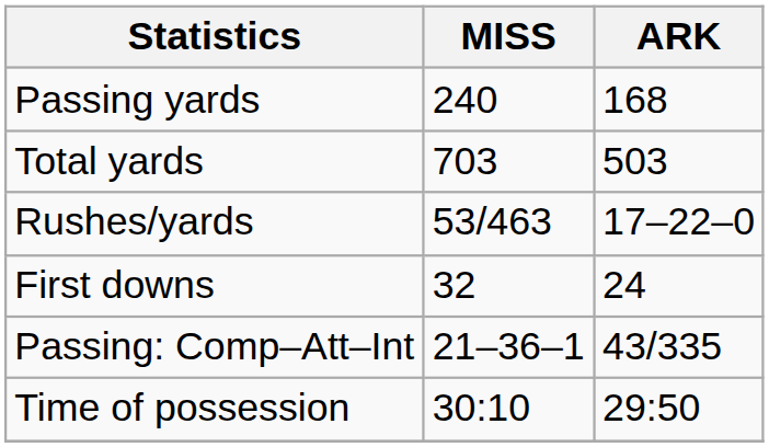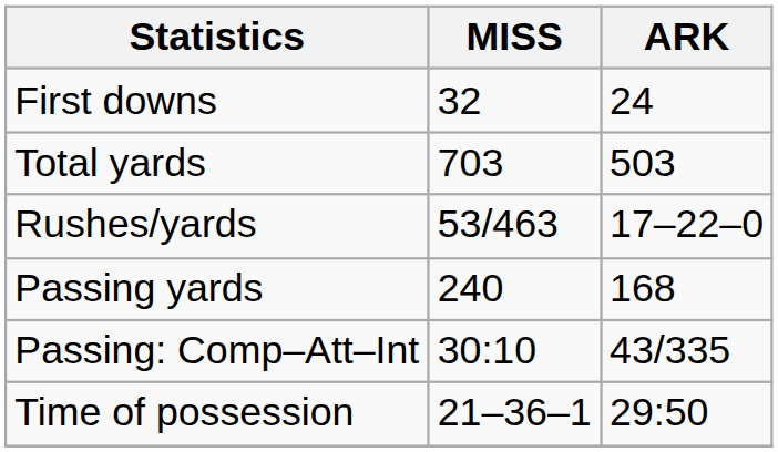 <table class="wikitable" style="float: left;">
 <tr>
 <th>Statistics</th>
 <th>MISS</th>
 <th>ARK</th>
 </tr>
 <tr>
-<td>Passing yards</td>
-<td>240</td>
-<td>168</td>
+<td>First downs</td>
+<td>32</td>
+<td>24</td>
 </tr>
 <tr>
 <td>Total yards</td>
 <td>703</td>
 <td>503</td>
 </tr>
 <tr>
 <td>Rushes/yards</td>
 <td>53/463</td>
 <td>17–22–0</td>
 </tr>
 <tr>
-<td>First downs</td>
-<td>32</td>
-<td>24</td>
+<td>Passing yards</td>
+<td>240</td>
+<td>168</td>
 </tr>
 <tr>
 <td>Passing: Comp–Att–Int</td>
-<td>21–36–1</td>
+<td>30:10</td>
 <td>43/335</td>
 </tr>
 <tr>
 <td>Time of possession</td>
-<td>30:10</td>
+<td>21–36–1</td>
 <td>29:50</td>
 </tr>
 <tr>
 </tr>
 </table>
